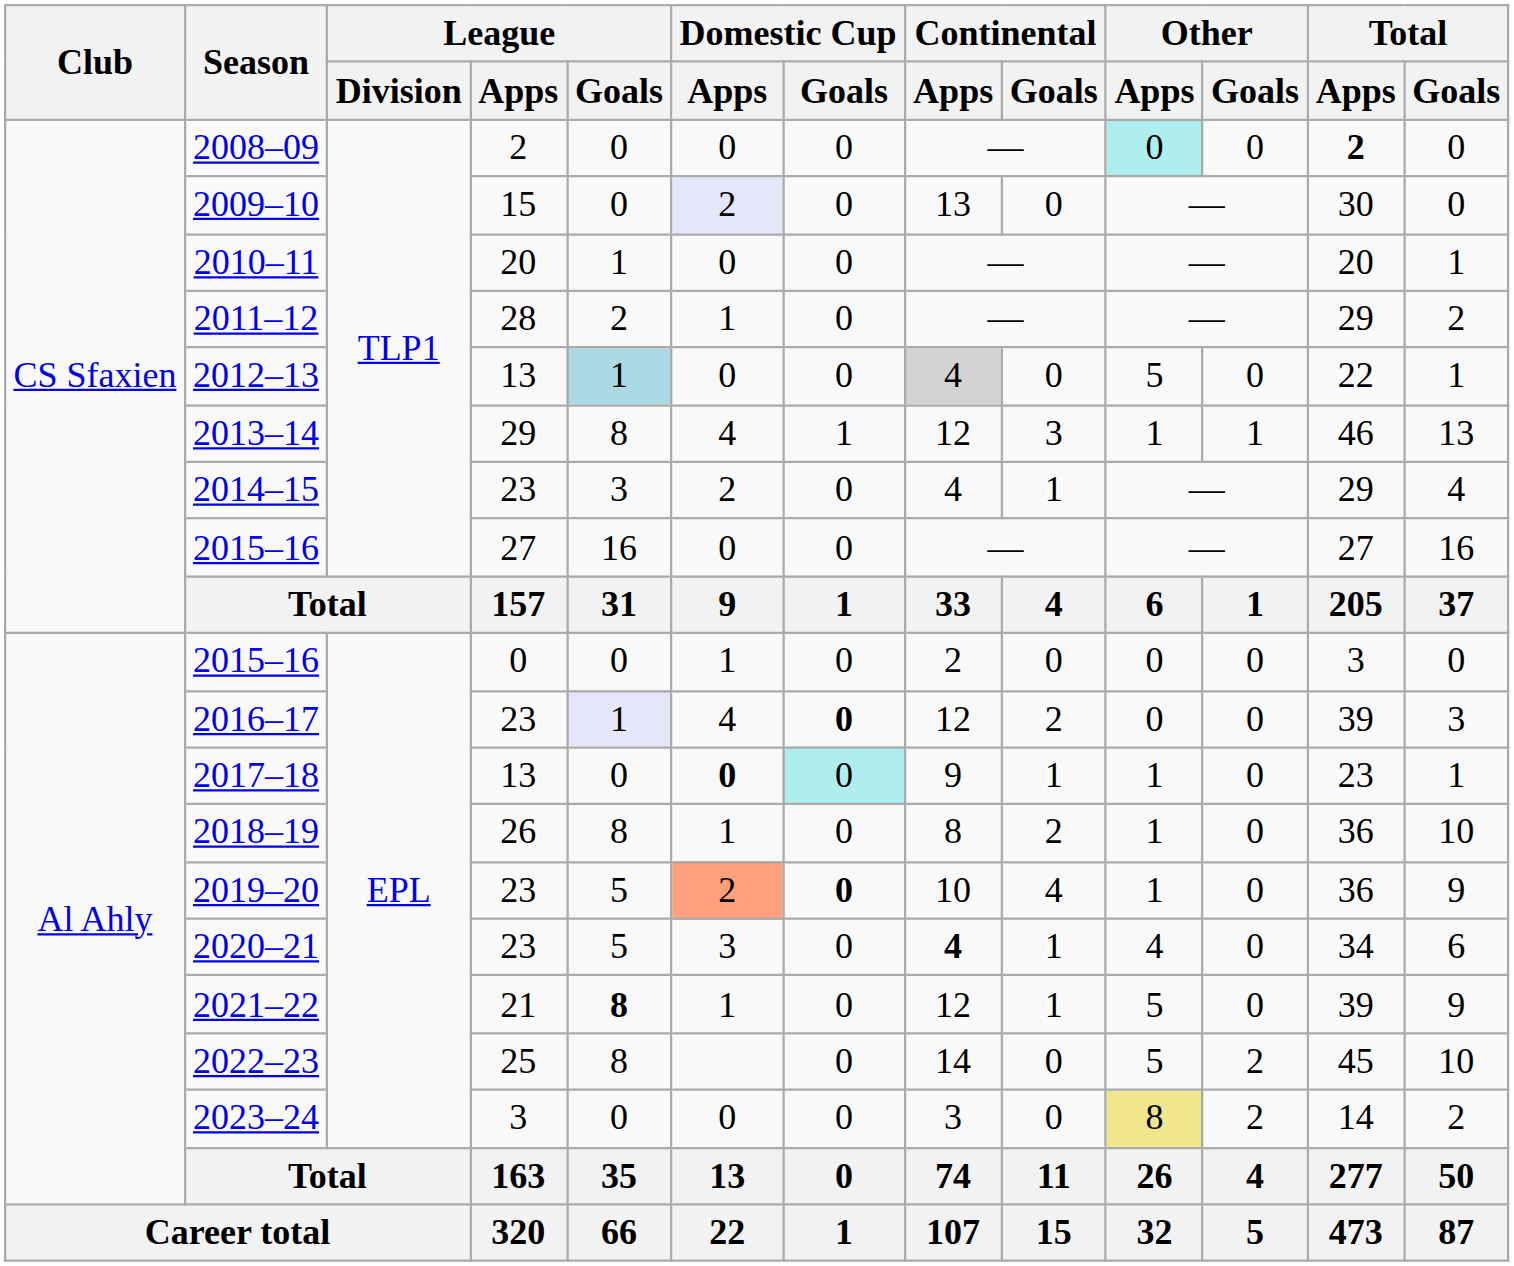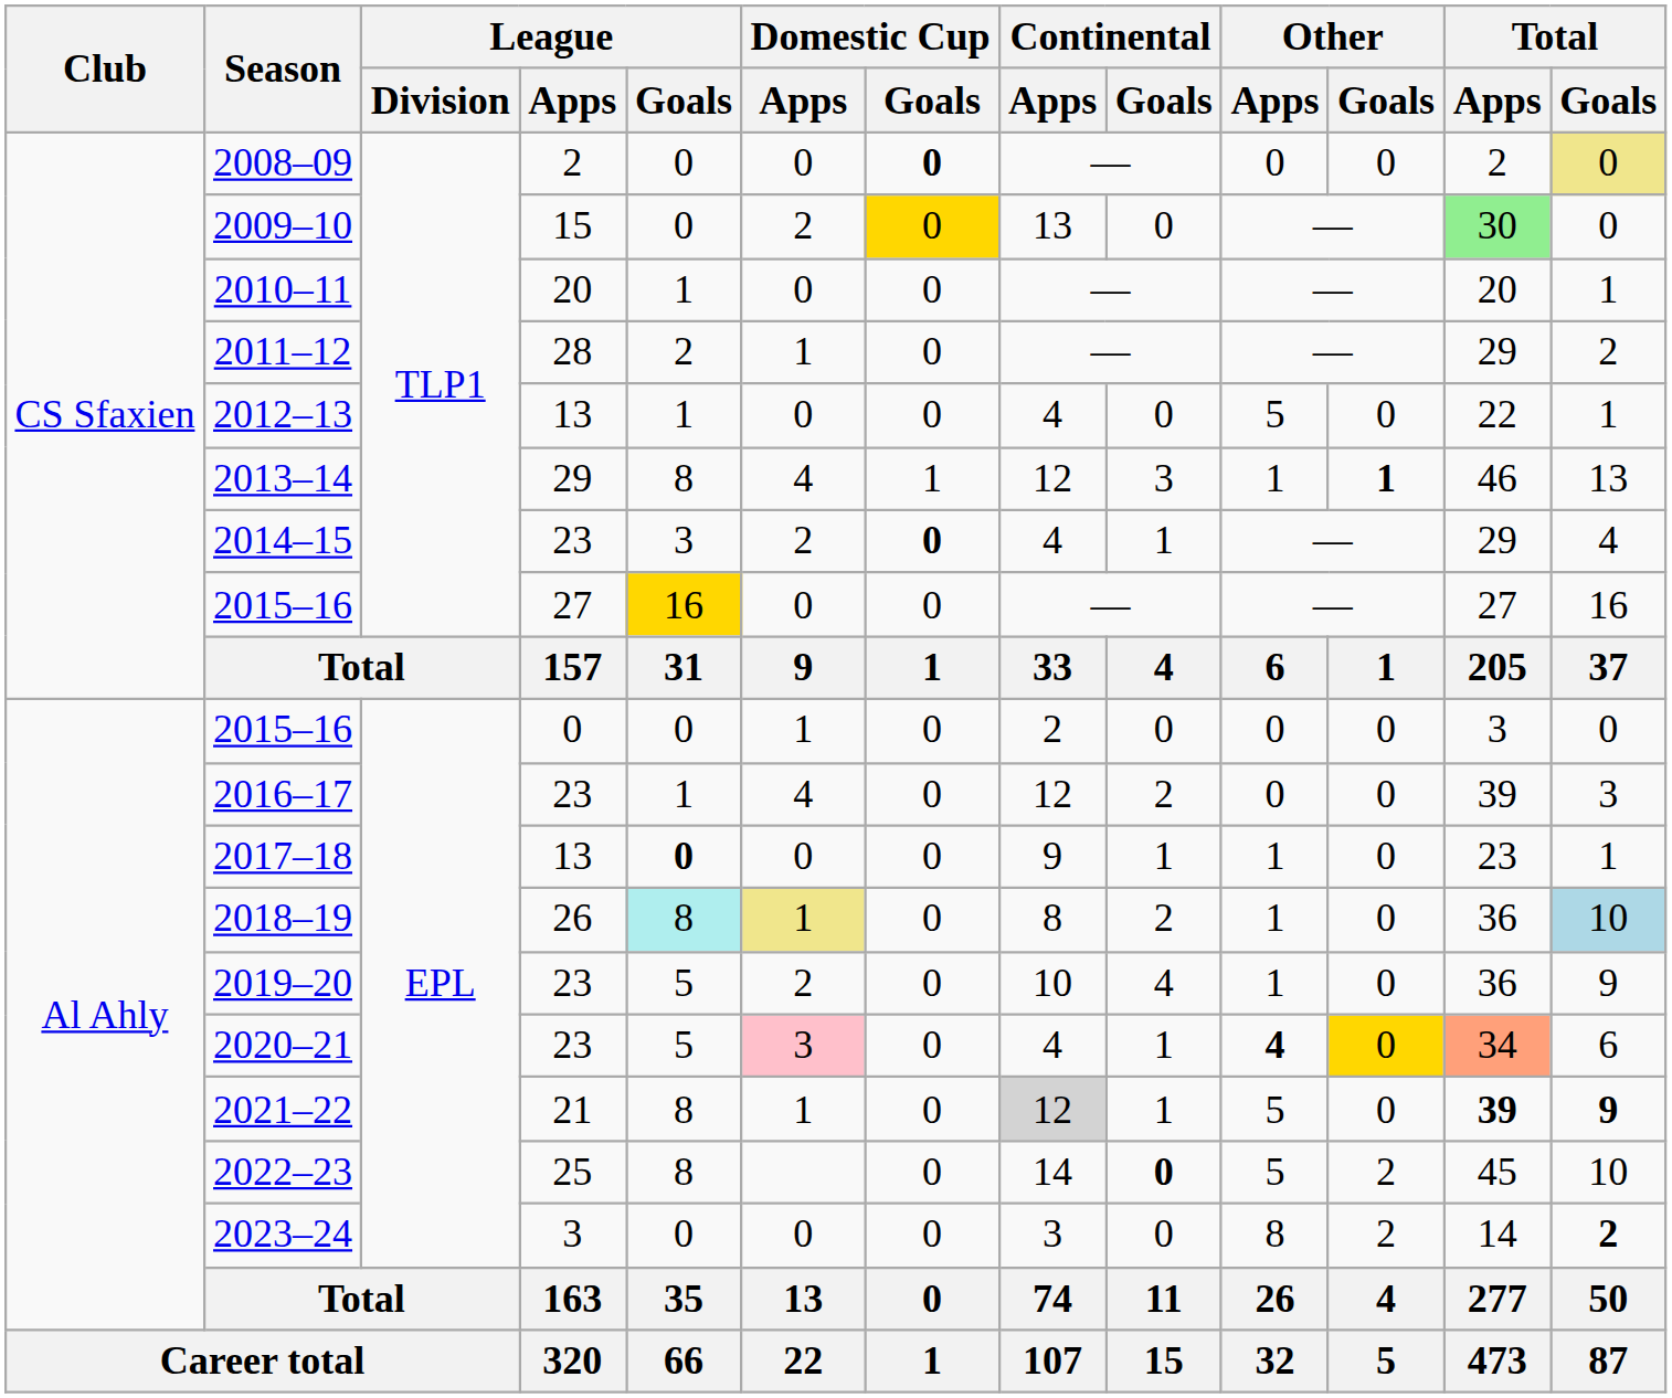 <table class="wikitable" style="text-align:center">
 <tr>
 <th rowspan="2">Club</th>
 <th rowspan="2">Season</th>
 <th colspan="3">League</th>
 <th colspan="2">Domestic Cup</th>
 <th colspan="2">Continental</th>
 <th colspan="2">Other</th>
 <th colspan="2">Total</th>
 </tr>
 <tr>
 <th>Division</th>
 <th>Apps</th>
 <th>Goals</th>
 <th>Apps</th>
 <th>Goals</th>
 <th>Apps</th>
 <th>Goals</th>
 <th>Apps</th>
 <th>Goals</th>
 <th>Apps</th>
 <th>Goals</th>
 </tr>
 <tr>
 <td rowspan="9"><a href='#'>CS Sfaxien</a></td>
 <td><a href='#'>2008–09</a></td>
 <td rowspan="8"><a href='#'>TLP1</a></td>
 <td>2</td>
 <td>0</td>
 <td>0</td>
+<td><strong>0</strong></td>
+<td colspan="2">—</td>
 <td>0</td>
-<td colspan="2">—</td>
-<td style="background: paleturquoise;">0</td>
 <td>0</td>
-<td><strong>2</strong></td>
-<td>0</td>
+<td>2</td>
+<td style="background: khaki;">0</td>
 </tr>
 <tr>
 <td><a href='#'>2009–10</a></td>
 <td>15</td>
 <td>0</td>
-<td style="background: lavender;">2</td>
-<td>0</td>
+<td>2</td>
+<td style="background: gold;">0</td>
 <td>13</td>
 <td>0</td>
 <td colspan="2">—</td>
-<td>30</td>
+<td style="background: lightgreen;">30</td>
 <td>0</td>
 </tr>
 <tr>
 <td><a href='#'>2010–11</a></td>
 <td>20</td>
 <td>1</td>
 <td>0</td>
 <td>0</td>
 <td colspan="2">—</td>
 <td colspan="2">—</td>
 <td>20</td>
 <td>1</td>
 </tr>
 <tr>
 <td><a href='#'>2011–12</a></td>
 <td>28</td>
 <td>2</td>
 <td>1</td>
 <td>0</td>
 <td colspan="2">—</td>
 <td colspan="2">—</td>
 <td>29</td>
 <td>2</td>
 </tr>
 <tr>
 <td><a href='#'>2012–13</a></td>
 <td>13</td>
-<td style="background: lightblue;">1</td>
+<td>1</td>
 <td>0</td>
 <td>0</td>
-<td style="background: lightgrey;">4</td>
+<td>4</td>
 <td>0</td>
 <td>5</td>
 <td>0</td>
 <td>22</td>
 <td>1</td>
 </tr>
 <tr>
 <td><a href='#'>2013–14</a></td>
 <td>29</td>
 <td>8</td>
 <td>4</td>
 <td>1</td>
 <td>12</td>
 <td>3</td>
 <td>1</td>
-<td>1</td>
+<td><strong>1</strong></td>
 <td>46</td>
 <td>13</td>
 </tr>
 <tr>
 <td><a href='#'>2014–15</a></td>
 <td>23</td>
 <td>3</td>
 <td>2</td>
-<td>0</td>
+<td><strong>0</strong></td>
 <td>4</td>
 <td>1</td>
 <td colspan="2">—</td>
 <td>29</td>
 <td>4</td>
 </tr>
 <tr>
 <td><a href='#'>2015–16</a></td>
 <td>27</td>
-<td>16</td>
+<td style="background: gold;">16</td>
 <td>0</td>
 <td>0</td>
 <td colspan="2">—</td>
 <td colspan="2">—</td>
 <td>27</td>
 <td>16</td>
 </tr>
 <tr>
 <th colspan="2">Total</th>
 <th>157</th>
 <th>31</th>
 <th>9</th>
 <th>1</th>
 <th>33</th>
 <th>4</th>
 <th>6</th>
 <th>1</th>
 <th>205</th>
 <th>37</th>
 </tr>
 <tr>
 <td rowspan="10"><a href='#'>Al Ahly</a></td>
 <td><a href='#'>2015–16</a></td>
 <td rowspan="9"><a href='#'>EPL</a></td>
 <td>0</td>
 <td>0</td>
 <td>1</td>
 <td>0</td>
 <td>2</td>
 <td>0</td>
 <td>0</td>
 <td>0</td>
 <td>3</td>
 <td>0</td>
 </tr>
 <tr>
 <td><a href='#'>2016–17</a></td>
 <td>23</td>
-<td style="background: lavender;">1</td>
+<td>1</td>
 <td>4</td>
-<td><strong>0</strong></td>
+<td>0</td>
 <td>12</td>
 <td>2</td>
 <td>0</td>
 <td>0</td>
 <td>39</td>
 <td>3</td>
 </tr>
 <tr>
 <td><a href='#'>2017–18</a></td>
 <td>13</td>
+<td><strong>0</strong></td>
 <td>0</td>
-<td><strong>0</strong></td>
-<td style="background: paleturquoise;">0</td>
+<td>0</td>
 <td>9</td>
 <td>1</td>
 <td>1</td>
 <td>0</td>
 <td>23</td>
 <td>1</td>
 </tr>
 <tr>
 <td><a href='#'>2018–19</a></td>
 <td>26</td>
-<td>8</td>
-<td>1</td>
+<td style="background: paleturquoise;">8</td>
+<td style="background: khaki;">1</td>
 <td>0</td>
 <td>8</td>
 <td>2</td>
 <td>1</td>
 <td>0</td>
 <td>36</td>
-<td>10</td>
+<td style="background: lightblue;">10</td>
 </tr>
 <tr>
 <td><a href='#'>2019–20</a></td>
 <td>23</td>
 <td>5</td>
-<td style="background: lightsalmon;">2</td>
-<td><strong>0</strong></td>
+<td>2</td>
+<td>0</td>
 <td>10</td>
 <td>4</td>
 <td>1</td>
 <td>0</td>
 <td>36</td>
 <td>9</td>
 </tr>
 <tr>
 <td><a href='#'>2020–21</a></td>
 <td>23</td>
 <td>5</td>
-<td>3</td>
+<td style="background: pink;">3</td>
 <td>0</td>
+<td>4</td>
+<td>1</td>
 <td><strong>4</strong></td>
-<td>1</td>
-<td>4</td>
-<td>0</td>
-<td>34</td>
+<td style="background: gold;">0</td>
+<td style="background: lightsalmon;">34</td>
 <td>6</td>
 </tr>
 <tr>
 <td><a href='#'>2021–22</a></td>
 <td>21</td>
-<td><strong>8</strong></td>
+<td>8</td>
 <td>1</td>
 <td>0</td>
-<td>12</td>
+<td style="background: lightgrey;">12</td>
 <td>1</td>
 <td>5</td>
 <td>0</td>
-<td>39</td>
-<td>9</td>
+<td><strong>39</strong></td>
+<td><strong>9</strong></td>
 </tr>
 <tr>
 <td><a href='#'>2022–23</a></td>
 <td>25</td>
 <td>8</td>
 <td></td>
 <td>0</td>
 <td>14</td>
-<td>0</td>
+<td><strong>0</strong></td>
 <td>5</td>
 <td>2</td>
 <td>45</td>
 <td>10</td>
 </tr>
 <tr>
 <td><a href='#'>2023–24</a></td>
 <td>3</td>
 <td>0</td>
 <td>0</td>
 <td>0</td>
 <td>3</td>
 <td>0</td>
-<td style="background: khaki;">8</td>
+<td>8</td>
 <td>2</td>
 <td>14</td>
-<td>2</td>
+<td><strong>2</strong></td>
 </tr>
 <tr>
 <th colspan="2">Total</th>
 <th>163</th>
 <th>35</th>
 <th>13</th>
 <th>0</th>
 <th>74</th>
 <th>11</th>
 <th>26</th>
 <th>4</th>
 <th>277</th>
 <th>50</th>
 </tr>
 <tr>
 <th colspan="3">Career total</th>
 <th>320</th>
 <th>66</th>
 <th>22</th>
 <th>1</th>
 <th>107</th>
 <th>15</th>
 <th>32</th>
 <th>5</th>
 <th>473</th>
 <th>87</th>
 </tr>
 </table>
